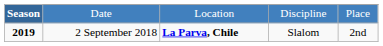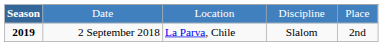 <table class="wikitable" style="font-size:95%; text-align:center; border:grey solid 1px; border-collapse:collapse;" width="40%">
 <tr style="background-color:#369; color:white;">
 <td rowspan="2" colspan="1" width="5%"><strong>Season</strong></td>
 </tr>
 <tr style="background-color:#4180be; color:white;">
 <td>Date</td>
 <td>Location</td>
 <td>Discipline</td>
 <td>Place</td>
 </tr>
 <tr>
 <td><strong>2019</strong></td>
 <td align=right>2 September 2018</td>
-<td align=left><strong> <a href='#'>La Parva</a>, Chile</strong></td>
+<td align=left> <a href='#'>La Parva</a>, Chile</td>
 <td>Slalom</td>
 <td>2nd</td>
 </tr>
 </table>
